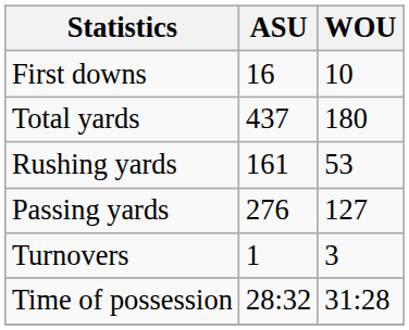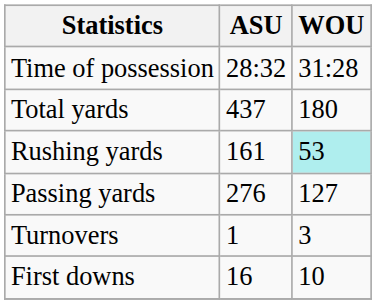 <table class="wikitable" style="float: left;">
 <tr>
 <th>Statistics</th>
 <th>ASU</th>
 <th>WOU</th>
 </tr>
 <tr>
-<td>First downs</td>
-<td>16</td>
-<td>10</td>
+<td>Time of possession</td>
+<td>28:32</td>
+<td>31:28</td>
 </tr>
 <tr>
 <td>Total yards</td>
 <td>437</td>
 <td>180</td>
 </tr>
 <tr>
 <td>Rushing yards</td>
 <td>161</td>
-<td>53</td>
+<td style="background: paleturquoise;">53</td>
 </tr>
 <tr>
 <td>Passing yards</td>
 <td>276</td>
 <td>127</td>
 </tr>
 <tr>
 <td>Turnovers</td>
 <td>1</td>
 <td>3</td>
 </tr>
 <tr>
-<td>Time of possession</td>
-<td>28:32</td>
-<td>31:28</td>
+<td>First downs</td>
+<td>16</td>
+<td>10</td>
 </tr>
 <tr>
 </tr>
 </table>
